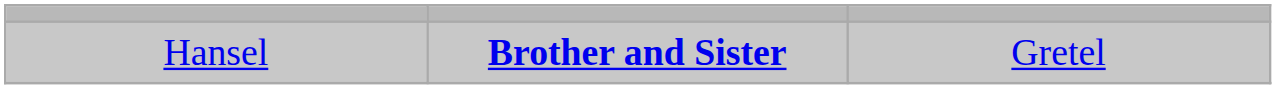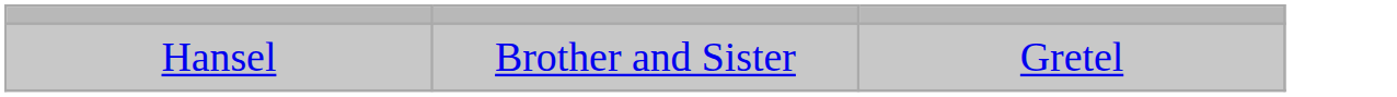 <table class="wikitable" style="text-align:center">
 <tr>
 <td width="25%" style="background:#B8B8B8"></td>
 <td width="25%" style="background:#B8B8B8"></td>
 <td width="25%" style="background:#B8B8B8"></td>
 </tr>
 <tr>
 <td style="background:#C8C8C8"><a href='#'>Hansel</a></td>
-<td style="background:#C8C8C8"><strong><a href='#'>Brother and Sister</a></strong></td>
+<td style="background:#C8C8C8"><a href='#'>Brother and Sister</a></td>
 <td style="background:#C8C8C8"><a href='#'>Gretel</a></td>
 </tr>
 <tr>
 </tr>
 </table>
